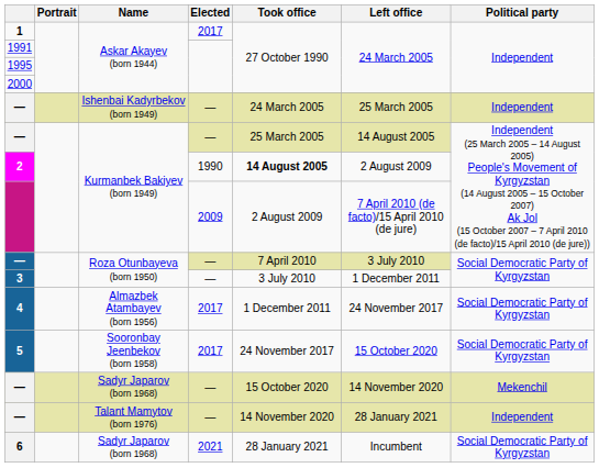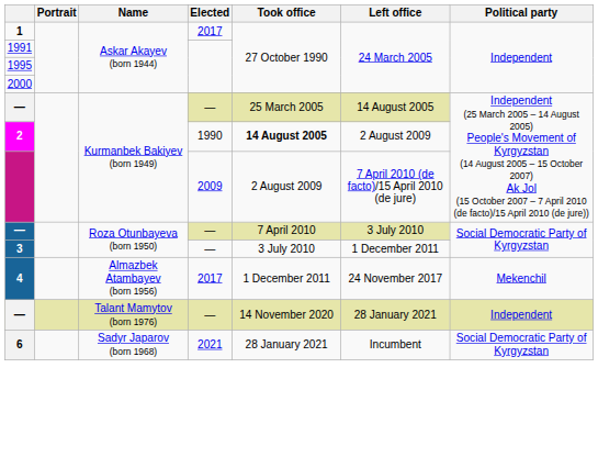 <table class="wikitable" style="text-align:center">
 <tr>
 <th align="left" width="10"></th>
 <th><strong>Portrait</strong></th>
 <th width="150">Name<br></th>
 <th align="left" width="10">Elected</th>
 <th align="center" width="150">Took office</th>
 <th align="center" width="150">Left office</th>
 <th align="left" width="200">Political party</th>
 </tr>
 <tr bgcolor=>
 <td align="center" style="background:"><strong>1</strong></td>
 <td rowspan="4"></td>
 <td rowspan="4"><a href='#'>Askar Akayev</a><br><small>(born 1944)</small></td>
 <td align="center"><a href='#'>2017</a></td>
 <td rowspan="4" align="center">27 October 1990</td>
 <td rowspan="4" align="center"><a href='#'>24 March 2005</a></td>
 <td rowspan="4" align="center"><a href='#'>Independent</a><br></td>
 </tr>
 <tr>
 <td><a href='#'>1991</a></td>
 </tr>
 <tr bgcolor=>
 <td align="center"><a href='#'>1995</a></td>
 </tr>
 <tr bgcolor=>
 <td align="center"><a href='#'>2000</a></td>
-</tr>
-<tr style="background:#e6e6aa">
-<th align="center" style="background:">—</th>
-<td></td>
-<td rowspan="1"><a href='#'>Ishenbai Kadyrbekov</a><br><small>(born 1949)</small></td>
-<td>—</td>
-<td align="center">24 March 2005</td>
-<td align="center">25 March 2005</td>
-<td align="center"><a href='#'>Independent</a></td>
 </tr>
 <tr>
 <th style="background:">—</th>
 <td rowspan="3"></td>
 <td rowspan="3"><a href='#'>Kurmanbek Bakiyev</a><br><small>(born 1949)</small></td>
 <td style="background:#e6e6aa">—</td>
 <td align="center" style="background:#e6e6aa">25 March 2005</td>
 <td align="center" style="background:#e6e6aa">14 August 2005</td>
 <td rowspan="3" align="center"><a href='#'>Independent</a><br><small>(25 March 2005 – 14 August 2005)</small><br><a href='#'>People's Movement of Kyrgyzstan</a><br><small>(14 August 2005 – 15 October 2007)</small><br><a href='#'>Ak Jol</a><br><small>(15 October 2007 – 7 April 2010 (de facto)/15 April 2010 (de jure))</small></td>
 </tr>
 <tr style="background:">
 <th style="background:#FF00FF; color:white;">2</th>
 <td align="center">1990</td>
 <td align="center"><strong>14 August 2005</strong></td>
 <td align="center">2 August 2009</td>
 </tr>
 <tr style="background:">
 <th style="background:#C71585; color:white;"></th>
 <td><a href='#'>2009</a></td>
 <td align="center">2 August 2009</td>
 <td><a href='#'>7 April 2010 (de facto)</a>/15 April 2010 (de jure)</td>
 </tr>
 <tr style="background:">
 <th style="background:#186498; color:white;">—</th>
 <td rowspan="2"></td>
 <td rowspan="2" align="center"><a href='#'>Roza Otunbayeva</a><br><small>(born 1950)</small></td>
 <td style="background:#e6e6aa">—</td>
 <td align="center" style="background:#e6e6aa">7 April 2010</td>
 <td align="center" style="background:#e6e6aa">3 July 2010</td>
 <td rowspan="2" align="center"><a href='#'>Social Democratic Party of Kyrgyzstan</a></td>
 </tr>
 <tr style="background:">
 <th style="background:#186498; color:white;">3</th>
 <td>—</td>
 <td align="center">3 July 2010</td>
 <td align="center">1 December 2011</td>
 </tr>
 <tr style="background:">
 <th style="background:#186498; color:white;">4</th>
 <td></td>
 <td rowspan="1"><a href='#'>Almazbek Atambayev</a><br><small>(born 1956)</small></td>
 <td align="center"><a href='#'>2017</a></td>
 <td align="center">1 December 2011</td>
 <td align="center">24 November 2017</td>
-<td align="center"><a href='#'>Social Democratic Party of Kyrgyzstan</a></td>
-</tr>
-<tr style="background:">
-<th style="background:#186498; color:white;">5</th>
-<td></td>
-<td rowspan="1"><a href='#'>Sooronbay Jeenbekov</a><br><small>(born 1958)</small></td>
-<td align="center"><a href='#'>2017</a></td>
-<td align="center">24 November 2017</td>
-<td align="center"><a href='#'>15 October 2020</a></td>
-<td align="center"><a href='#'>Social Democratic Party of Kyrgyzstan</a></td>
-</tr>
-<tr style="background:#e6e6aa">
-<th style="background:">—</th>
-<td></td>
-<td rowspan="1"><a href='#'>Sadyr Japarov</a><br><small>(born 1968)</small></td>
-<td>—</td>
-<td align="center">15 October 2020</td>
-<td align="center">14 November 2020</td>
 <td align="center"><a href='#'>Mekenchil</a></td>
 </tr>
 <tr style="background:#e6e6aa">
 <th style="background:">—</th>
 <td></td>
 <td><a href='#'>Talant Mamytov</a><br><small>(born 1976)</small></td>
 <td>—</td>
 <td align="center">14 November 2020</td>
 <td align="center">28 January 2021</td>
 <td align="center"><a href='#'>Independent</a></td>
 </tr>
 <tr>
 <th style="background:">6</th>
 <td></td>
 <td rowspan="1"><a href='#'>Sadyr Japarov</a><br><small>(born 1968)</small></td>
 <td rowspan="3" align="center"><a href='#'>2021</a></td>
 <td align="center">28 January 2021</td>
 <td align="center">Incumbent</td>
 <td align="center"><a href='#'>Social Democratic Party of Kyrgyzstan</a></td>
 </tr>
 </table>
